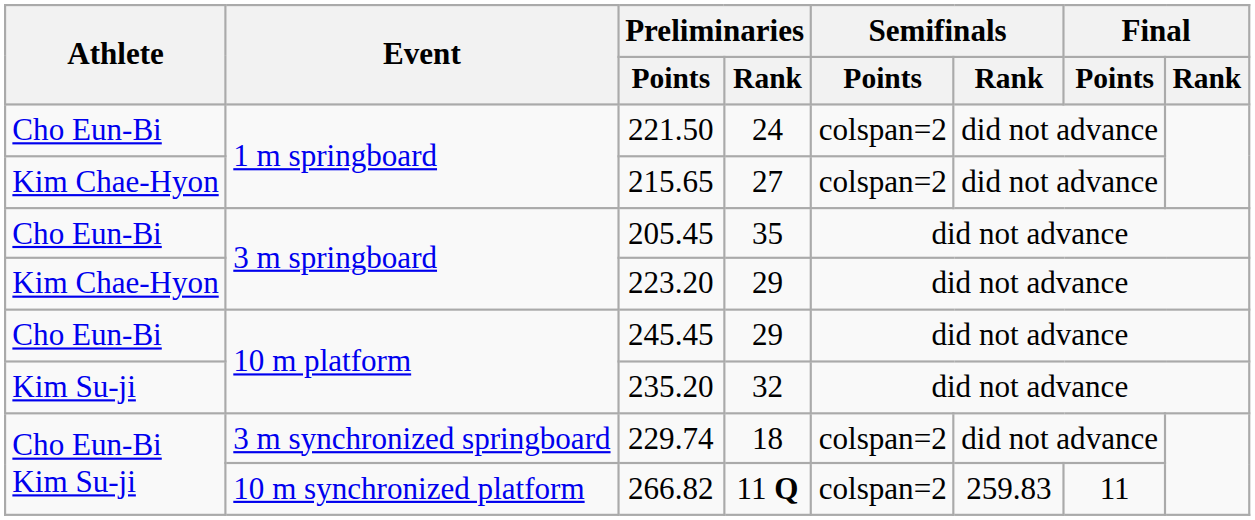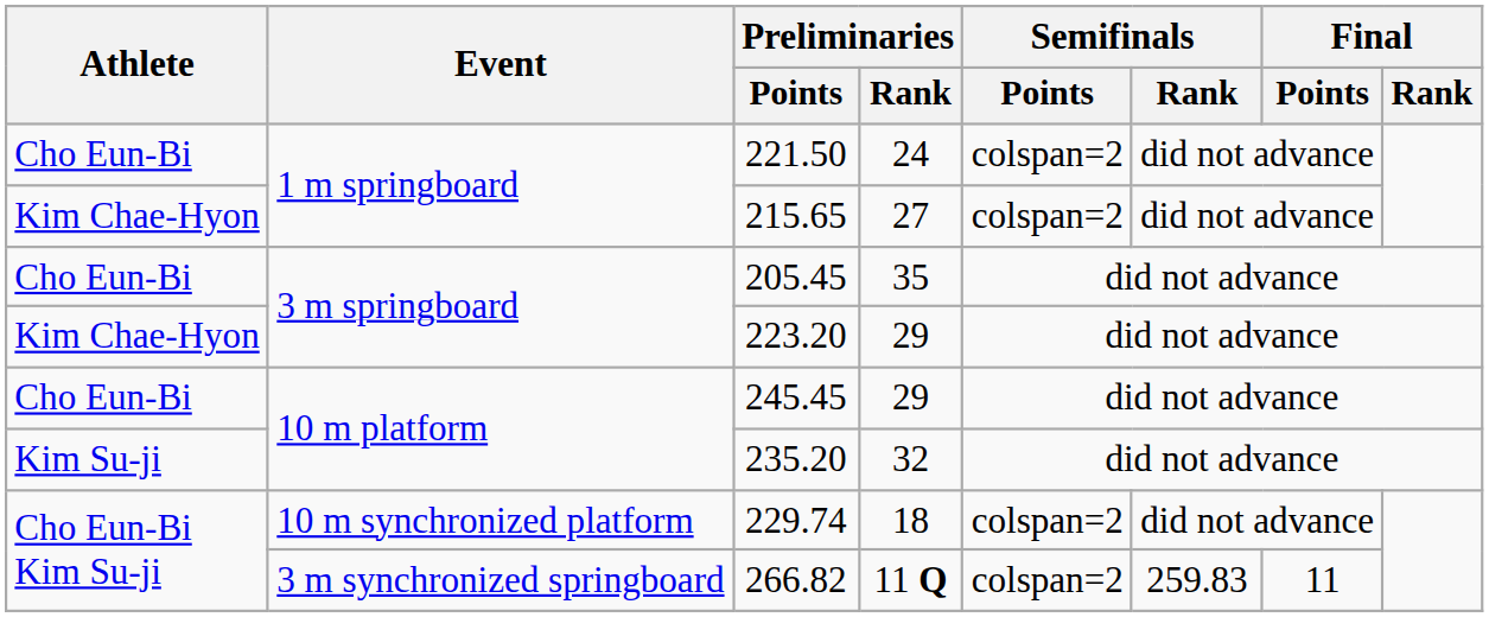 <table class=wikitable style="font-size:90%;">
 <tr>
 <th rowspan="2">Athlete</th>
 <th rowspan="2">Event</th>
 <th colspan="2">Preliminaries</th>
 <th colspan="2">Semifinals</th>
 <th colspan="2">Final</th>
 </tr>
 <tr style="font-size:95%">
 <th>Points</th>
 <th>Rank</th>
 <th>Points</th>
 <th>Rank</th>
 <th>Points</th>
 <th>Rank</th>
 </tr>
 <tr align=center>
 <td align=left><a href='#'>Cho Eun-Bi</a></td>
 <td align=left rowspan=2><a href='#'>1 m springboard</a></td>
 <td>221.50</td>
 <td>24</td>
 <td>colspan=2 </td>
 <td colspan=2>did not advance</td>
 </tr>
 <tr align=center>
 <td align=left><a href='#'>Kim Chae-Hyon</a></td>
 <td>215.65</td>
 <td>27</td>
 <td>colspan=2 </td>
 <td colspan=2>did not advance</td>
 </tr>
 <tr align=center>
 <td align=left><a href='#'>Cho Eun-Bi</a></td>
 <td align=left rowspan=2><a href='#'>3 m springboard</a></td>
 <td>205.45</td>
 <td>35</td>
 <td colspan=4>did not advance</td>
 </tr>
 <tr align=center>
 <td align=left><a href='#'>Kim Chae-Hyon</a></td>
 <td>223.20</td>
 <td>29</td>
 <td colspan=4>did not advance</td>
 </tr>
 <tr align=center>
 <td align=left><a href='#'>Cho Eun-Bi</a></td>
 <td align=left rowspan=2><a href='#'>10 m platform</a></td>
 <td>245.45</td>
 <td>29</td>
 <td colspan=4>did not advance</td>
 </tr>
 <tr align=center>
 <td align=left><a href='#'>Kim Su-ji</a></td>
 <td>235.20</td>
 <td>32</td>
 <td colspan=4>did not advance</td>
 </tr>
 <tr align=center>
 <td align=left rowspan=2><a href='#'>Cho Eun-Bi</a><br><a href='#'>Kim Su-ji</a></td>
-<td align=left><a href='#'>3 m synchronized springboard</a></td>
+<td align=left><a href='#'>10 m synchronized platform</a></td>
 <td>229.74</td>
 <td>18</td>
 <td>colspan=2 </td>
 <td colspan=2>did not advance</td>
 </tr>
 <tr align=center>
-<td align=left><a href='#'>10 m synchronized platform</a></td>
+<td align=left><a href='#'>3 m synchronized springboard</a></td>
 <td>266.82</td>
 <td>11 <strong>Q</strong></td>
 <td>colspan=2 </td>
 <td>259.83</td>
 <td>11</td>
 </tr>
 </table>
